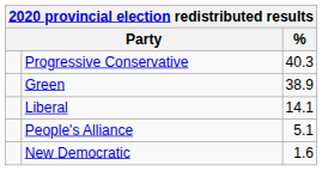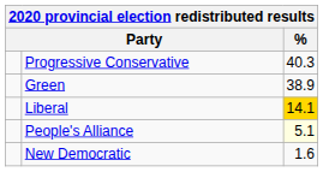 <table class="wikitable">
 <tr>
 <th colspan="4"><a href='#'>2020 provincial election</a> redistributed results</th>
 </tr>
 <tr>
 <th bgcolor="#DDDDFF" width="130px" colspan="2">Party</th>
 <th bgcolor="#DDDDFF" width="30px">%</th>
 </tr>
 <tr>
 <td> </td>
 <td><a href='#'>Progressive Conservative</a></td>
 <td align=right>40.3</td>
 </tr>
 <tr>
 <td> </td>
 <td><a href='#'>Green</a></td>
 <td align=right>38.9</td>
 </tr>
 <tr>
 <td> </td>
 <td><a href='#'>Liberal</a></td>
-<td align=right>14.1</td>
+<td align=right style="background: gold;">14.1</td>
 </tr>
 <tr>
 <td> </td>
 <td><a href='#'>People's Alliance</a></td>
-<td align=right>5.1</td>
+<td align=right style="background: lightyellow;">5.1</td>
 </tr>
 <tr>
 <td> </td>
 <td><a href='#'>New Democratic</a></td>
 <td align=right>1.6</td>
 </tr>
 </table>
